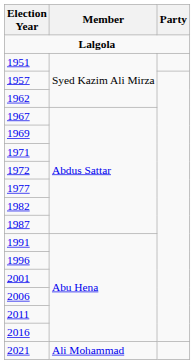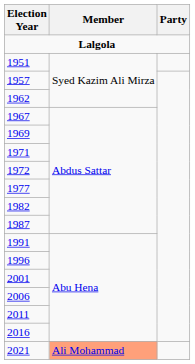 <table class="wikitable sortable">
 <tr>
 <th>Election<br> Year</th>
 <th>Member</th>
 <th colspan=2>Party</th>
 </tr>
 <tr>
 <td colspan="4" align=center><strong>Lalgola</strong></td>
 </tr>
 <tr>
 <td><a href='#'>1951</a></td>
 <td rowspan=3>Syed Kazim Ali Mirza</td>
 <td></td>
 </tr>
 <tr>
 <td><a href='#'>1957</a></td>
 </tr>
 <tr>
 <td><a href='#'>1962</a></td>
 </tr>
 <tr>
 <td><a href='#'>1967</a></td>
 <td rowspan="7"><a href='#'>Abdus Sattar</a></td>
 </tr>
 <tr>
 <td><a href='#'>1969</a></td>
 </tr>
 <tr>
 <td><a href='#'>1971</a></td>
 </tr>
 <tr>
 <td><a href='#'>1972</a></td>
 </tr>
 <tr>
 <td><a href='#'>1977</a></td>
 </tr>
 <tr>
 <td><a href='#'>1982</a></td>
 </tr>
 <tr>
 <td><a href='#'>1987</a></td>
 </tr>
 <tr>
 <td><a href='#'>1991</a></td>
 <td rowspan="6"><a href='#'>Abu Hena</a></td>
 </tr>
 <tr>
 <td><a href='#'>1996</a></td>
 </tr>
 <tr>
 <td><a href='#'>2001</a></td>
 </tr>
 <tr>
 <td><a href='#'>2006</a></td>
 </tr>
 <tr>
 <td><a href='#'>2011</a></td>
 </tr>
 <tr>
 <td><a href='#'>2016</a></td>
 </tr>
 <tr>
 <td><a href='#'>2021</a></td>
-<td><a href='#'>Ali Mohammad</a></td>
+<td style="background: lightsalmon;"><a href='#'>Ali Mohammad</a></td>
 <td></td>
 </tr>
 </table>
